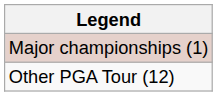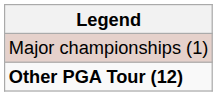 <table class="wikitable" style="font-size:95%;">
 <tr>
 <th>Legend</th>
 </tr>
 <tr style="background:#e5d1cb;">
 <td>Major championships  (1)</td>
 </tr>
 <tr>
-<td>Other PGA Tour (12)</td>
+<td><strong>Other PGA Tour (12)</strong></td>
 </tr>
 </table>
